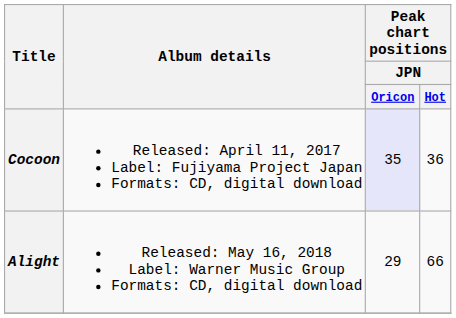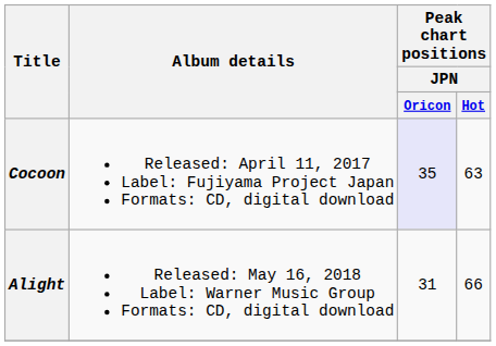 <table class="wikitable plainrowheaders" style="text-align:center;">
 <tr>
 <th scope="col" rowspan="3">Title</th>
 <th scope="col" rowspan="3">Album details</th>
 <th scope="col" colspan="2">Peak <br> chart <br> positions</th>
 </tr>
 <tr>
 <th colspan="2">JPN</th>
 </tr>
 <tr>
 <th scope="col" colspan="1"><small><a href='#'>Oricon</a></small></th>
 <th scope="col" colspan="1"><small><a href='#'>Hot</a></small></th>
 </tr>
 <tr>
 <th scope="row"><em>Cocoon</em></th>
 <td><br><ul><li>Released: April 11, 2017</li><li>Label: Fujiyama Project Japan</li><li>Formats: CD, digital download</li></ul></td>
 <td style="background: lavender;">35</td>
-<td>36</td>
+<td>63</td>
 </tr>
 <tr>
 <th scope="row"><em>Alight</em></th>
 <td><br><ul><li>Released: May 16, 2018</li><li>Label: Warner Music Group</li><li>Formats: CD, digital download</li></ul></td>
-<td>29</td>
+<td>31</td>
 <td>66</td>
 </tr>
 <tr>
 </tr>
 </table>
